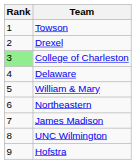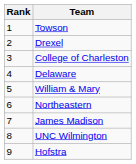 <table class=wikitable>
 <tr>
 <th>Rank</th>
 <th>Team</th>
 </tr>
 <tr>
 <td>1</td>
 <td><a href='#'>Towson</a></td>
 </tr>
 <tr>
 <td>2</td>
 <td><a href='#'>Drexel</a></td>
 </tr>
 <tr>
-<td style="background: lightgreen;">3</td>
+<td>3</td>
 <td><a href='#'>College of Charleston</a></td>
 </tr>
 <tr>
 <td>4</td>
 <td><a href='#'>Delaware</a></td>
 </tr>
 <tr>
 <td>5</td>
 <td><a href='#'>William & Mary</a></td>
 </tr>
 <tr>
 <td>6</td>
 <td><a href='#'>Northeastern</a></td>
 </tr>
 <tr>
 <td>7</td>
 <td><a href='#'>James Madison</a></td>
 </tr>
 <tr>
 <td>8</td>
 <td><a href='#'>UNC Wilmington</a></td>
 </tr>
 <tr>
 <td>9</td>
 <td><a href='#'>Hofstra</a></td>
 </tr>
 </table>
